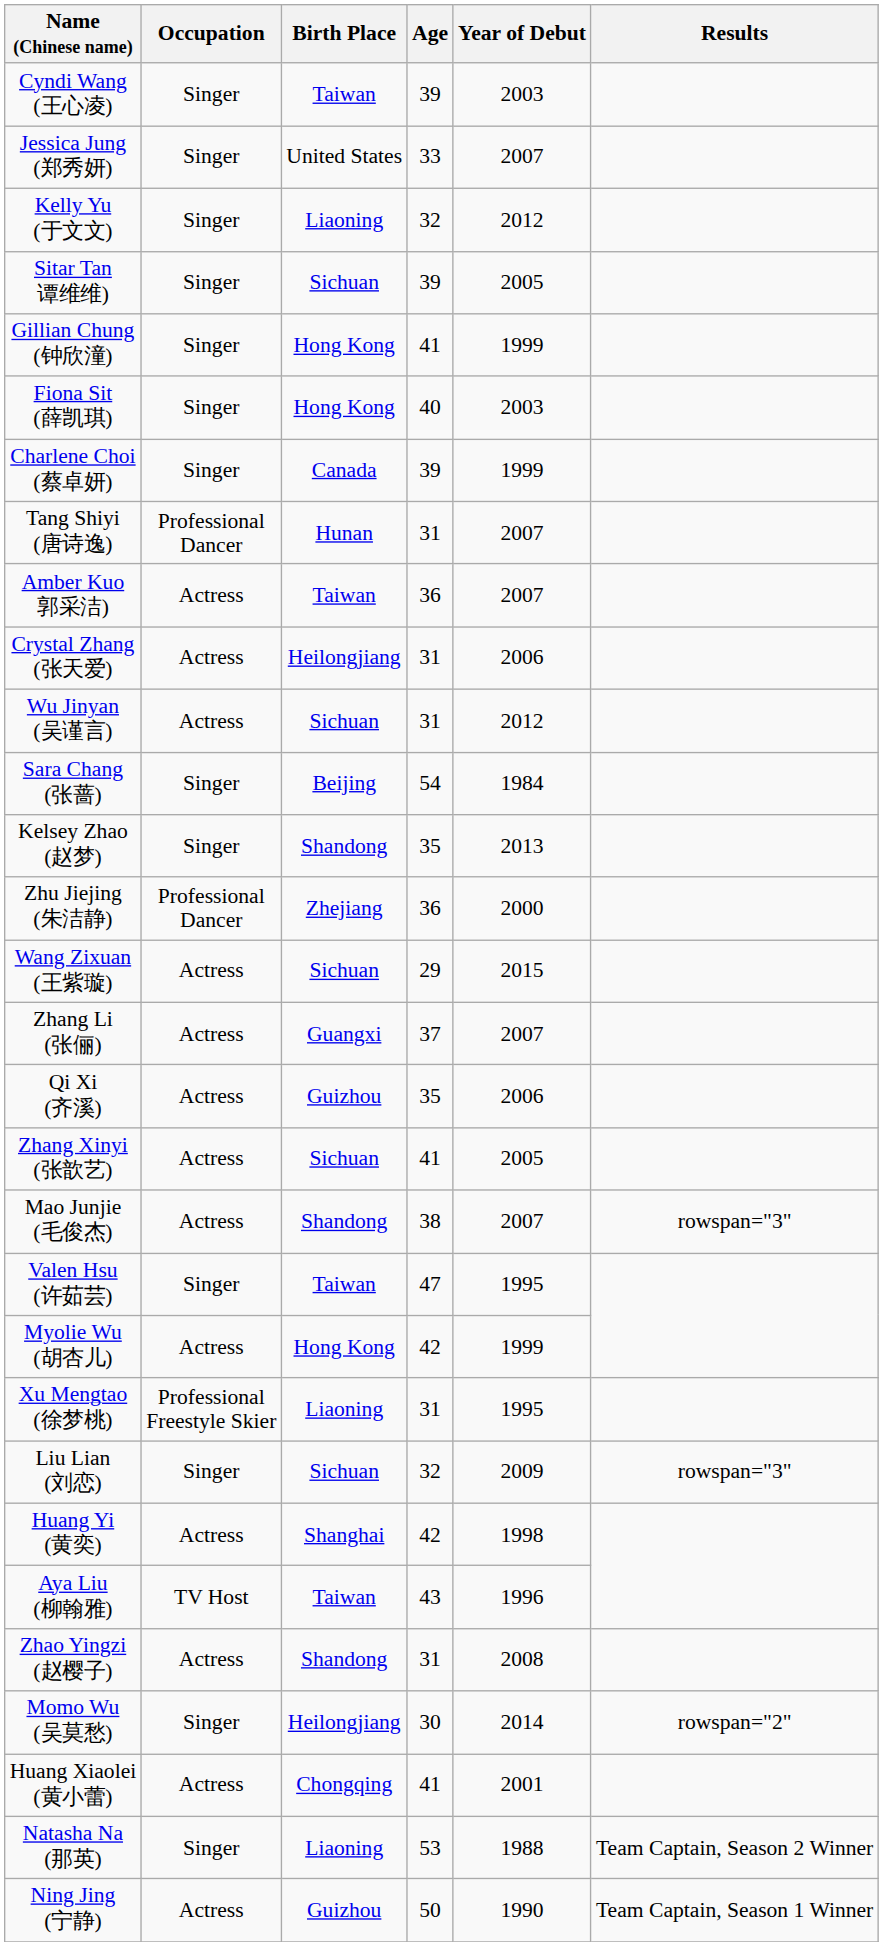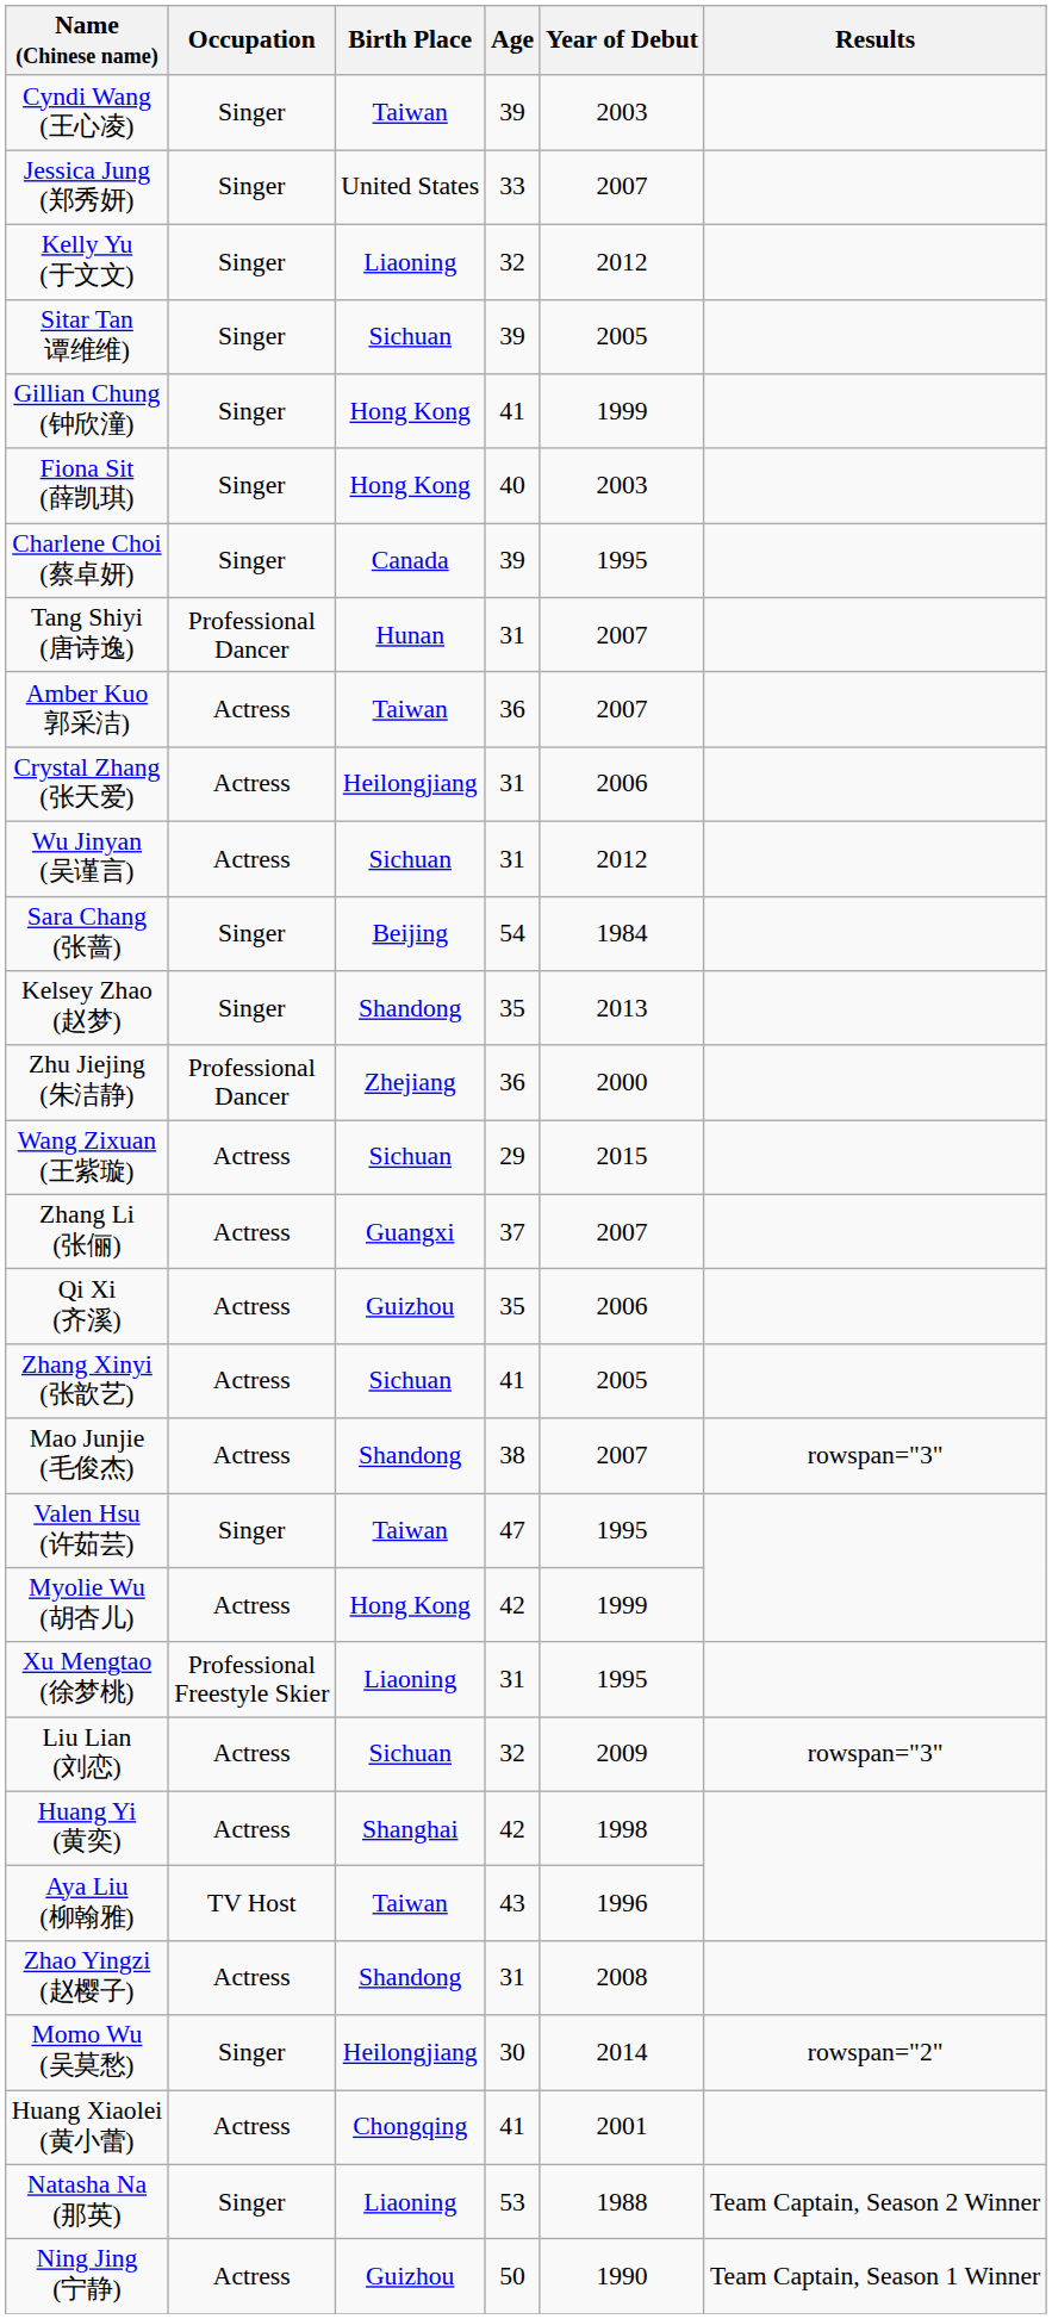 <table class="wikitable sortable" style="text-align:center;">
 <tr>
 <th>Name<br><small>(Chinese name)</small></th>
 <th>Occupation</th>
 <th>Birth Place</th>
 <th>Age</th>
 <th>Year of Debut</th>
 <th>Results</th>
 </tr>
 <tr>
 <td><a href='#'>Cyndi Wang</a><br>(王心凌)</td>
 <td>Singer</td>
 <td><a href='#'>Taiwan</a></td>
 <td>39</td>
 <td>2003</td>
 <td></td>
 </tr>
 <tr>
 <td><a href='#'>Jessica Jung</a><br>(郑秀妍)</td>
 <td>Singer</td>
 <td>United States</td>
 <td>33</td>
 <td>2007</td>
 <td></td>
 </tr>
 <tr>
 <td><a href='#'>Kelly Yu</a><br>(于文文)</td>
 <td>Singer</td>
 <td><a href='#'>Liaoning</a></td>
 <td>32</td>
 <td>2012</td>
 <td></td>
 </tr>
 <tr>
 <td><a href='#'>Sitar Tan</a><br>谭维维)</td>
 <td>Singer</td>
 <td><a href='#'>Sichuan</a></td>
 <td>39</td>
 <td>2005</td>
 <td></td>
 </tr>
 <tr>
 <td><a href='#'>Gillian Chung</a><br>(钟欣潼)</td>
 <td>Singer</td>
 <td><a href='#'>Hong Kong</a></td>
 <td>41</td>
 <td>1999</td>
 <td></td>
 </tr>
 <tr>
 <td><a href='#'>Fiona Sit</a><br>(薛凯琪)</td>
 <td>Singer</td>
 <td><a href='#'>Hong Kong</a></td>
 <td>40</td>
 <td>2003</td>
 <td></td>
 </tr>
 <tr>
 <td><a href='#'>Charlene Choi</a><br>(蔡卓妍)</td>
 <td>Singer</td>
 <td><a href='#'>Canada</a></td>
 <td>39</td>
-<td>1999</td>
+<td>1995</td>
 <td></td>
 </tr>
 <tr>
 <td>Tang Shiyi<br>(唐诗逸)</td>
 <td>Professional<br>Dancer</td>
 <td><a href='#'>Hunan</a></td>
 <td>31</td>
 <td>2007</td>
 <td></td>
 </tr>
 <tr>
 <td><a href='#'>Amber Kuo</a><br>郭采洁)</td>
 <td>Actress</td>
 <td><a href='#'>Taiwan</a></td>
 <td>36</td>
 <td>2007</td>
 <td></td>
 </tr>
 <tr>
 <td><a href='#'>Crystal Zhang</a><br>(张天爱)</td>
 <td>Actress</td>
 <td><a href='#'>Heilongjiang</a></td>
 <td>31</td>
 <td>2006</td>
 <td></td>
 </tr>
 <tr>
 <td><a href='#'>Wu Jinyan</a><br>(吴谨言)</td>
 <td>Actress</td>
 <td><a href='#'>Sichuan</a></td>
 <td>31</td>
 <td>2012</td>
 <td></td>
 </tr>
 <tr>
 <td><a href='#'>Sara Chang</a><br>(张蔷)</td>
 <td>Singer</td>
 <td><a href='#'>Beijing</a></td>
 <td>54</td>
 <td>1984</td>
 <td></td>
 </tr>
 <tr>
 <td>Kelsey Zhao<br>(赵梦)</td>
 <td>Singer</td>
 <td><a href='#'>Shandong</a></td>
 <td>35</td>
 <td>2013</td>
 <td></td>
 </tr>
 <tr>
 <td>Zhu Jiejing<br>(朱洁静)</td>
 <td>Professional<br>Dancer</td>
 <td><a href='#'>Zhejiang</a></td>
 <td>36</td>
 <td>2000</td>
 <td></td>
 </tr>
 <tr>
 <td><a href='#'>Wang Zixuan</a><br>(王紫璇)</td>
 <td>Actress</td>
 <td><a href='#'>Sichuan</a></td>
 <td>29</td>
 <td>2015</td>
 <td></td>
 </tr>
 <tr>
 <td>Zhang Li<br>(张俪)</td>
 <td>Actress</td>
 <td><a href='#'>Guangxi</a></td>
 <td>37</td>
 <td>2007</td>
 <td></td>
 </tr>
 <tr>
 <td>Qi Xi<br>(齐溪)</td>
 <td>Actress</td>
 <td><a href='#'>Guizhou</a></td>
 <td>35</td>
 <td>2006</td>
 <td></td>
 </tr>
 <tr>
 <td><a href='#'>Zhang Xinyi</a><br>(张歆艺)</td>
 <td>Actress</td>
 <td><a href='#'>Sichuan</a></td>
 <td>41</td>
 <td>2005</td>
 <td></td>
 </tr>
 <tr>
 <td>Mao Junjie<br>(毛俊杰)</td>
 <td>Actress</td>
 <td><a href='#'>Shandong</a></td>
 <td>38</td>
 <td>2007</td>
 <td>rowspan="3" </td>
 </tr>
 <tr>
 <td><a href='#'>Valen Hsu</a><br>(许茹芸)</td>
 <td>Singer</td>
 <td><a href='#'>Taiwan</a></td>
 <td>47</td>
 <td>1995</td>
 </tr>
 <tr>
 <td><a href='#'>Myolie Wu</a><br>(胡杏儿)</td>
 <td>Actress</td>
 <td><a href='#'>Hong Kong</a></td>
 <td>42</td>
 <td>1999</td>
 </tr>
 <tr>
 <td><a href='#'>Xu Mengtao</a><br>(徐梦桃)</td>
 <td>Professional<br>Freestyle Skier</td>
 <td><a href='#'>Liaoning</a></td>
 <td>31</td>
 <td>1995</td>
 <td></td>
 </tr>
 <tr>
 <td>Liu Lian<br>(刘恋)</td>
-<td>Singer</td>
+<td>Actress</td>
 <td><a href='#'>Sichuan</a></td>
 <td>32</td>
 <td>2009</td>
 <td>rowspan="3" </td>
 </tr>
 <tr>
 <td><a href='#'>Huang Yi</a><br>(黄奕)</td>
 <td>Actress</td>
 <td><a href='#'>Shanghai</a></td>
 <td>42</td>
 <td>1998</td>
 </tr>
 <tr>
 <td><a href='#'>Aya Liu</a><br>(柳翰雅)</td>
 <td>TV Host</td>
 <td><a href='#'>Taiwan</a></td>
 <td>43</td>
 <td>1996</td>
 </tr>
 <tr>
 <td><a href='#'>Zhao Yingzi</a><br>(赵樱子)</td>
 <td>Actress</td>
 <td><a href='#'>Shandong</a></td>
 <td>31</td>
 <td>2008</td>
 <td></td>
 </tr>
 <tr>
 <td><a href='#'>Momo Wu</a><br>(吴莫愁)</td>
 <td>Singer</td>
 <td><a href='#'>Heilongjiang</a></td>
 <td>30</td>
 <td>2014</td>
 <td>rowspan="2" </td>
 </tr>
 <tr>
 <td>Huang Xiaolei<br>(黄小蕾)</td>
 <td>Actress</td>
 <td><a href='#'>Chongqing</a></td>
 <td>41</td>
 <td>2001</td>
 </tr>
 <tr>
 <td><a href='#'>Natasha Na</a><br>(那英)</td>
 <td>Singer</td>
 <td><a href='#'>Liaoning</a></td>
 <td>53</td>
 <td>1988</td>
 <td>Team Captain, Season 2 Winner</td>
 </tr>
 <tr>
 <td><a href='#'>Ning Jing</a><br>(宁静)</td>
 <td>Actress</td>
 <td><a href='#'>Guizhou</a></td>
 <td>50</td>
 <td>1990</td>
 <td>Team Captain, Season 1 Winner</td>
 </tr>
 </table>
